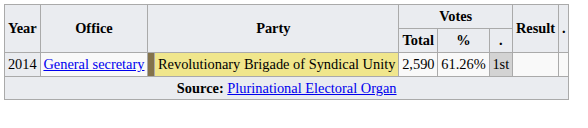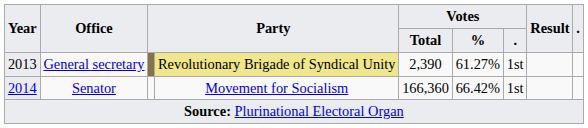 <table class="wikitable" style="font-size:90%; text-align:center;">
 <tr>
 <th style="background-color:#EAECF0;" rowspan=2>Year</th>
 <th style="background-color:#EAECF0;" rowspan=2>Office</th>
 <th style="background-color:#EAECF0;" colspan=2 rowspan=2>Party</th>
 <th style="background-color:#EAECF0;" colspan=3>Votes</th>
 <th style="background-color:#EAECF0;" rowspan=2>Result</th>
 <th style="background-color:#EAECF0;" rowspan=2>.</th>
 </tr>
 <tr>
 <th style="background-color:#EAECF0;">Total</th>
 <th style="background-color:#EAECF0;">%</th>
 <th style="background-color:#EAECF0;">.</th>
 </tr>
 <tr>
-<td style="background-color:#EAECF0;">2014</td>
+<td style="background-color:#EAECF0;">2013</td>
 <td><a href='#'>General secretary</a></td>
 <td style="background-color:#84734B;"></td>
 <td style="background: khaki;">Revolutionary Brigade of Syndical Unity</td>
-<td>2,590</td>
-<td>61.26%</td>
-<td style="background: lightgrey;">1st</td>
+<td>2,390</td>
+<td>61.27%</td>
+<td>1st</td>
+<td></td>
+<td></td>
+</tr>
+<tr>
+<td style="background-color:#EAECF0;"><a href='#'>2014</a></td>
+<td><a href='#'>Senator</a></td>
+<td style="background-color:"></td>
+<td><a href='#'>Movement for Socialism</a></td>
+<td>166,360</td>
+<td>66.42%</td>
+<td>1st</td>
 <td></td>
 <td></td>
 </tr>
 <tr>
 <td style="background-color:#EAECF0;" colspan=9><strong>Source:</strong> <a href='#'>Plurinational Electoral Organ</a>  </td>
 </tr>
 </table>
